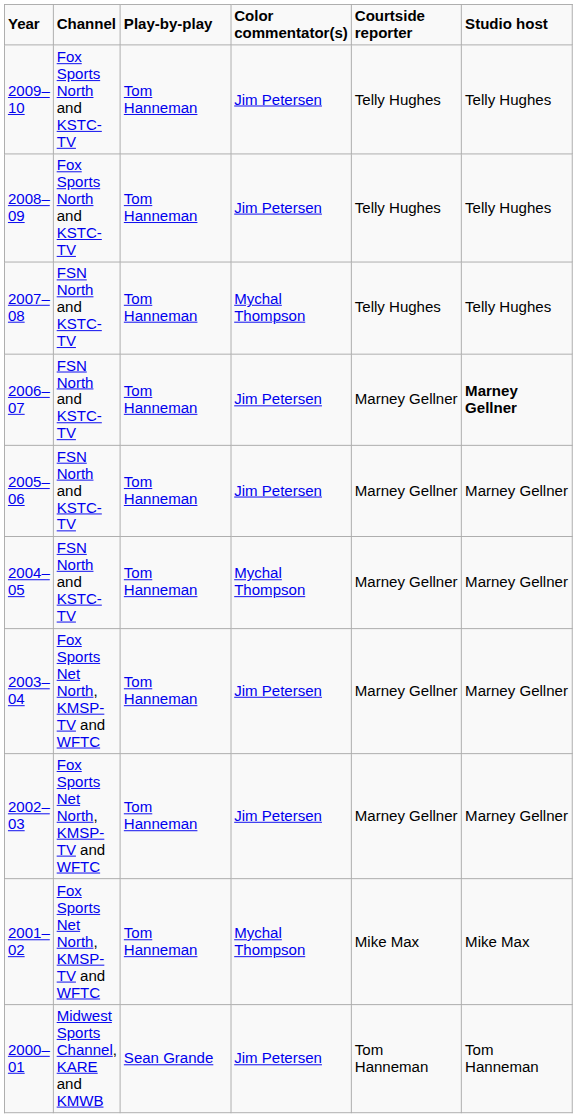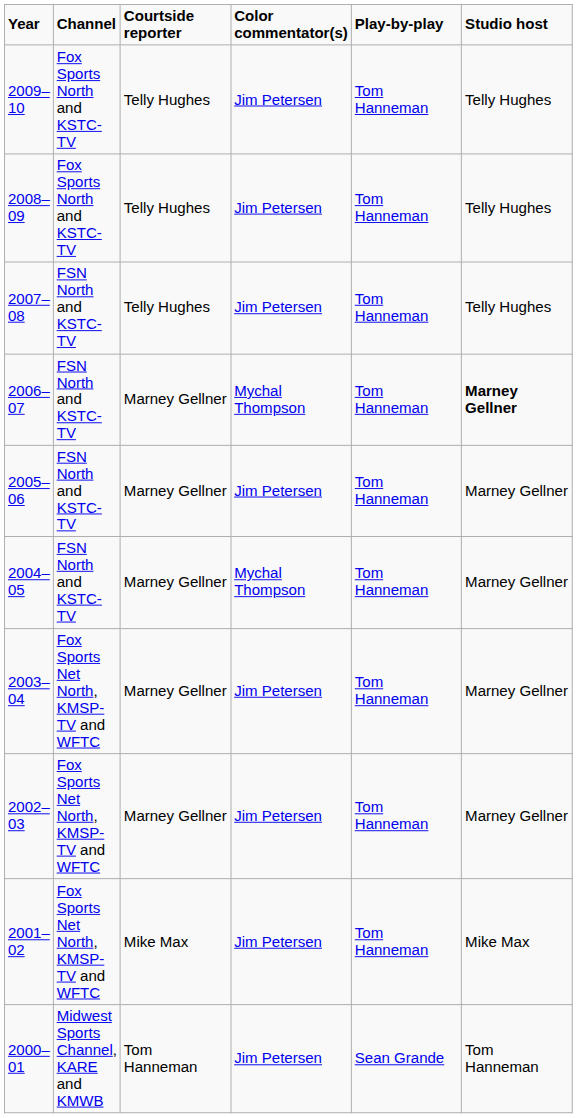 <table class="wikitable">
 <tr>
 <td style="width:40px; "><strong>Year</strong></td>
 <td style="width:40px; "><strong>Channel</strong></td>
+<td style="width:110px; "><strong>Courtside reporter</strong></td>
+<td style="width:110px; "><strong>Color commentator(s)</strong></td>
 <td style="width:110px; "><strong>Play-by-play</strong></td>
-<td style="width:110px; "><strong>Color commentator(s)</strong></td>
-<td style="width:110px; "><strong>Courtside reporter</strong></td>
 <td style="width:110px; "><strong>Studio host</strong></td>
 </tr>
 <tr>
 <td><a href='#'>2009–10</a></td>
 <td><a href='#'>Fox Sports North</a> and <a href='#'>KSTC-TV</a></td>
+<td>Telly Hughes</td>
+<td><a href='#'>Jim Petersen</a></td>
 <td><a href='#'>Tom Hanneman</a></td>
-<td><a href='#'>Jim Petersen</a></td>
-<td>Telly Hughes</td>
 <td>Telly Hughes</td>
 </tr>
 <tr>
 <td><a href='#'>2008–09</a></td>
 <td><a href='#'>Fox Sports North</a> and <a href='#'>KSTC-TV</a></td>
+<td>Telly Hughes</td>
+<td><a href='#'>Jim Petersen</a></td>
 <td><a href='#'>Tom Hanneman</a></td>
-<td><a href='#'>Jim Petersen</a></td>
-<td>Telly Hughes</td>
 <td>Telly Hughes</td>
 </tr>
 <tr>
 <td><a href='#'>2007–08</a></td>
 <td><a href='#'>FSN North</a> and <a href='#'>KSTC-TV</a></td>
+<td>Telly Hughes</td>
+<td><a href='#'>Jim Petersen</a></td>
 <td><a href='#'>Tom Hanneman</a></td>
-<td><a href='#'>Mychal Thompson</a></td>
-<td>Telly Hughes</td>
 <td>Telly Hughes</td>
 </tr>
 <tr>
 <td><a href='#'>2006–07</a></td>
 <td><a href='#'>FSN North</a> and <a href='#'>KSTC-TV</a></td>
+<td>Marney Gellner</td>
+<td><a href='#'>Mychal Thompson</a></td>
 <td><a href='#'>Tom Hanneman</a></td>
-<td><a href='#'>Jim Petersen</a></td>
-<td>Marney Gellner</td>
 <td><strong>Marney Gellner</strong></td>
 </tr>
 <tr>
 <td><a href='#'>2005–06</a></td>
 <td><a href='#'>FSN North</a> and <a href='#'>KSTC-TV</a></td>
+<td>Marney Gellner</td>
+<td><a href='#'>Jim Petersen</a></td>
 <td><a href='#'>Tom Hanneman</a></td>
-<td><a href='#'>Jim Petersen</a></td>
-<td>Marney Gellner</td>
 <td>Marney Gellner</td>
 </tr>
 <tr>
 <td><a href='#'>2004–05</a></td>
 <td><a href='#'>FSN North</a> and <a href='#'>KSTC-TV</a></td>
+<td>Marney Gellner</td>
+<td><a href='#'>Mychal Thompson</a></td>
 <td><a href='#'>Tom Hanneman</a></td>
-<td><a href='#'>Mychal Thompson</a></td>
-<td>Marney Gellner</td>
 <td>Marney Gellner</td>
 </tr>
 <tr>
 <td><a href='#'>2003–04</a></td>
 <td><a href='#'>Fox Sports Net North</a>, <a href='#'>KMSP-TV</a> and <a href='#'>WFTC</a></td>
+<td>Marney Gellner</td>
+<td><a href='#'>Jim Petersen</a></td>
 <td><a href='#'>Tom Hanneman</a></td>
-<td><a href='#'>Jim Petersen</a></td>
-<td>Marney Gellner</td>
 <td>Marney Gellner</td>
 </tr>
 <tr>
 <td><a href='#'>2002–03</a></td>
 <td><a href='#'>Fox Sports Net North</a>, <a href='#'>KMSP-TV</a> and <a href='#'>WFTC</a></td>
+<td>Marney Gellner</td>
+<td><a href='#'>Jim Petersen</a></td>
 <td><a href='#'>Tom Hanneman</a></td>
-<td><a href='#'>Jim Petersen</a></td>
-<td>Marney Gellner</td>
 <td>Marney Gellner</td>
 </tr>
 <tr>
 <td><a href='#'>2001–02</a></td>
 <td><a href='#'>Fox Sports Net North</a>, <a href='#'>KMSP-TV</a> and <a href='#'>WFTC</a></td>
+<td>Mike Max</td>
+<td><a href='#'>Jim Petersen</a></td>
 <td><a href='#'>Tom Hanneman</a></td>
-<td><a href='#'>Mychal Thompson</a></td>
-<td>Mike Max</td>
 <td>Mike Max</td>
 </tr>
 <tr>
 <td><a href='#'>2000–01</a></td>
 <td><a href='#'>Midwest Sports Channel</a>, <a href='#'>KARE</a> and <a href='#'>KMWB</a></td>
+<td>Tom Hanneman</td>
+<td><a href='#'>Jim Petersen</a></td>
 <td><a href='#'>Sean Grande</a></td>
-<td><a href='#'>Jim Petersen</a></td>
-<td>Tom Hanneman</td>
 <td>Tom Hanneman</td>
 </tr>
 </table>
